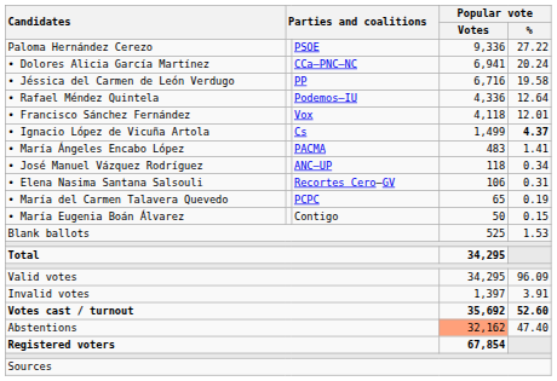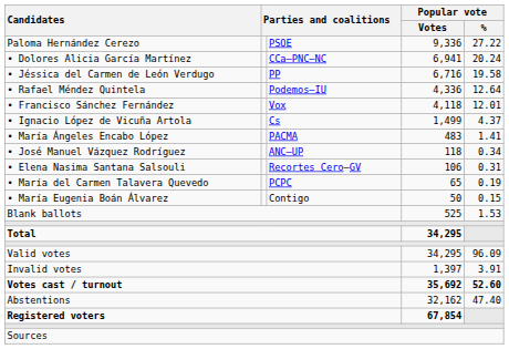 <table class="wikitable" style="text-align:right; font-size:95%;">
 <tr>
 <th style="text-align:left;" rowspan="2" width="325">Candidates</th>
 <th style="text-align:left;" rowspan="2" colspan="2" width="175">Parties and coalitions</th>
 <th colspan="2">Popular vote</th>
 </tr>
 <tr>
 <th width="75">Votes</th>
 <th width="45">%</th>
 </tr>
 <tr>
 <td align="left"> Paloma Hernández Cerezo</td>
 <td width="1" style="color:inherit;background:"></td>
 <td align="left"><a href='#'>PSOE</a></td>
 <td>9,336</td>
 <td>27.22</td>
 </tr>
 <tr>
 <td align="left">• Dolores Alicia García Martínez</td>
 <td style="color:inherit;background:"></td>
 <td align="left"><a href='#'>CCa–PNC–NC</a></td>
 <td>6,941</td>
 <td>20.24</td>
 </tr>
 <tr>
 <td align="left">• Jéssica del Carmen de León Verdugo</td>
 <td style="color:inherit;background:"></td>
 <td align="left"><a href='#'>PP</a></td>
 <td>6,716</td>
 <td>19.58</td>
 </tr>
 <tr>
 <td align="left">• Rafael Méndez Quintela</td>
 <td style="color:inherit;background:"></td>
 <td align="left"><a href='#'>Podemos–IU</a></td>
 <td>4,336</td>
 <td>12.64</td>
 </tr>
 <tr>
 <td align="left">• Francisco Sánchez Fernández</td>
 <td style="color:inherit;background:"></td>
 <td align="left"><a href='#'>Vox</a></td>
 <td>4,118</td>
 <td>12.01</td>
 </tr>
 <tr>
 <td align="left">• Ignacio López de Vicuña Artola</td>
 <td style="color:inherit;background:"></td>
 <td align="left"><a href='#'>Cs</a></td>
 <td>1,499</td>
-<td><strong>4.37</strong></td>
+<td>4.37</td>
 </tr>
 <tr>
 <td align="left">• María Ángeles Encabo López</td>
 <td style="color:inherit;background:"></td>
 <td align="left"><a href='#'>PACMA</a></td>
 <td>483</td>
 <td>1.41</td>
 </tr>
 <tr>
 <td align="left">• José Manuel Vázquez Rodríguez</td>
 <td style="color:inherit;background:"></td>
 <td align="left"><a href='#'>ANC–UP</a></td>
 <td>118</td>
 <td>0.34</td>
 </tr>
 <tr>
 <td align="left">• Elena Nasima Santana Salsouli</td>
 <td style="color:inherit;background:"></td>
 <td align="left"><a href='#'>Recortes Cero</a>–<a href='#'>GV</a></td>
 <td>106</td>
 <td>0.31</td>
 </tr>
 <tr>
 <td align="left">• María del Carmen Talavera Quevedo</td>
 <td style="color:inherit;background:"></td>
 <td align="left"><a href='#'>PCPC</a></td>
 <td>65</td>
 <td>0.19</td>
 </tr>
 <tr>
 <td align="left">• María Eugenia Boán Álvarez</td>
 <td style="color:inherit;background:"></td>
 <td align="left">Contigo</td>
 <td>50</td>
 <td>0.15</td>
 </tr>
 <tr>
 <td align="left" colspan="3">Blank ballots</td>
 <td>525</td>
 <td>1.53</td>
 </tr>
 <tr>
 <td colspan="5" bgcolor="#E9E9E9"></td>
 </tr>
 <tr style="font-weight:bold;">
 <td align="left" colspan="3">Total</td>
 <td>34,295</td>
 <td bgcolor="#E9E9E9"></td>
 </tr>
 <tr>
 <td colspan="5" bgcolor="#E9E9E9"></td>
 </tr>
 <tr>
 <td align="left" colspan="3">Valid votes</td>
 <td>34,295</td>
 <td>96.09</td>
 </tr>
 <tr>
 <td align="left" colspan="3">Invalid votes</td>
 <td>1,397</td>
 <td>3.91</td>
 </tr>
 <tr style="font-weight:bold;">
 <td align="left" colspan="3">Votes cast / turnout</td>
 <td>35,692</td>
 <td>52.60</td>
 </tr>
 <tr>
 <td align="left" colspan="3">Abstentions</td>
-<td style="background: lightsalmon;">32,162</td>
+<td>32,162</td>
 <td>47.40</td>
 </tr>
 <tr style="font-weight:bold;">
 <td align="left" colspan="3">Registered voters</td>
 <td>67,854</td>
 <td bgcolor="#E9E9E9"></td>
 </tr>
 <tr>
 <td colspan="5" bgcolor="#E9E9E9"></td>
 </tr>
 <tr>
 <td align="left" colspan="5">Sources</td>
 </tr>
 </table>
